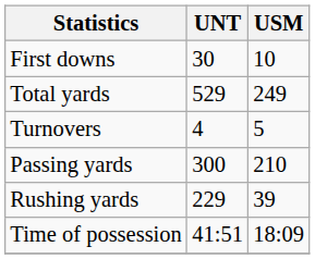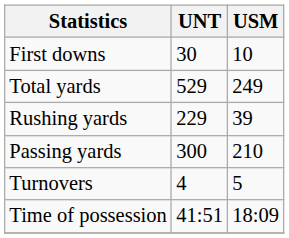 <table class="wikitable" style="float: left;">
 <tr>
 <th>Statistics</th>
 <th>UNT</th>
 <th>USM</th>
 </tr>
 <tr>
 <td>First downs</td>
 <td>30</td>
 <td>10</td>
 </tr>
 <tr>
 <td>Total yards</td>
 <td>529</td>
 <td>249</td>
 </tr>
 <tr>
-<td>Turnovers</td>
-<td>4</td>
-<td>5</td>
+<td>Rushing yards</td>
+<td>229</td>
+<td>39</td>
 </tr>
 <tr>
 <td>Passing yards</td>
 <td>300</td>
 <td>210</td>
 </tr>
 <tr>
-<td>Rushing yards</td>
-<td>229</td>
-<td>39</td>
+<td>Turnovers</td>
+<td>4</td>
+<td>5</td>
 </tr>
 <tr>
 <td>Time of possession</td>
 <td>41:51</td>
 <td>18:09</td>
 </tr>
 <tr>
 </tr>
 </table>
